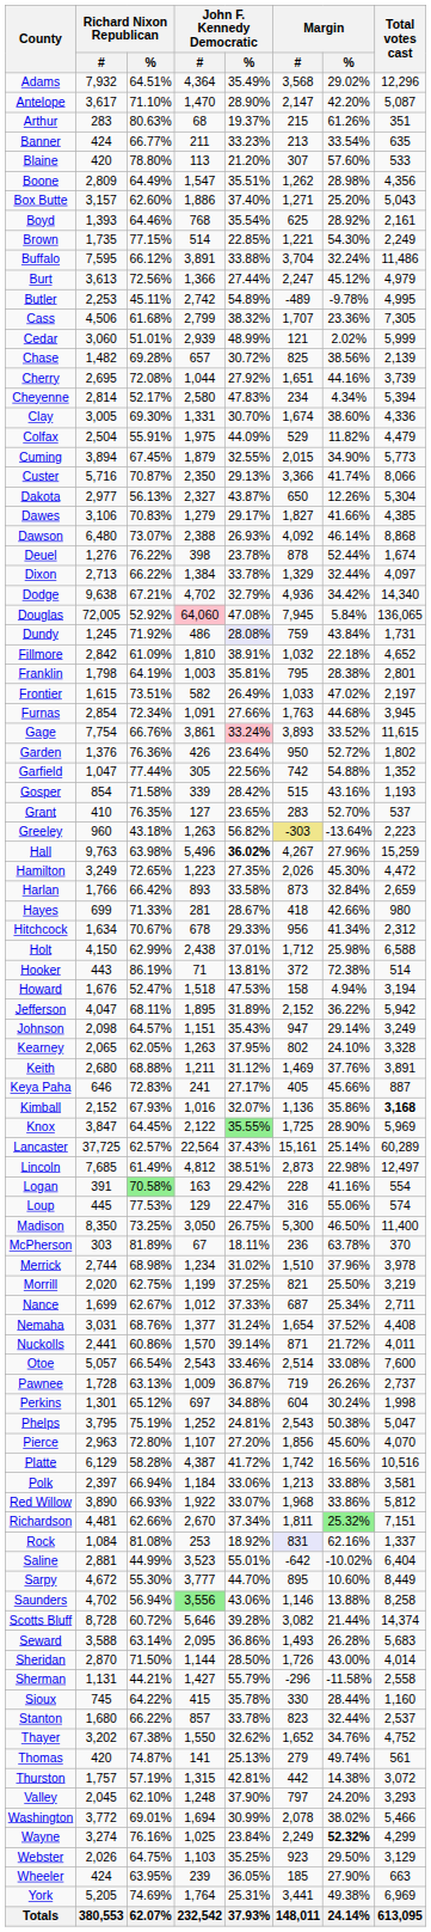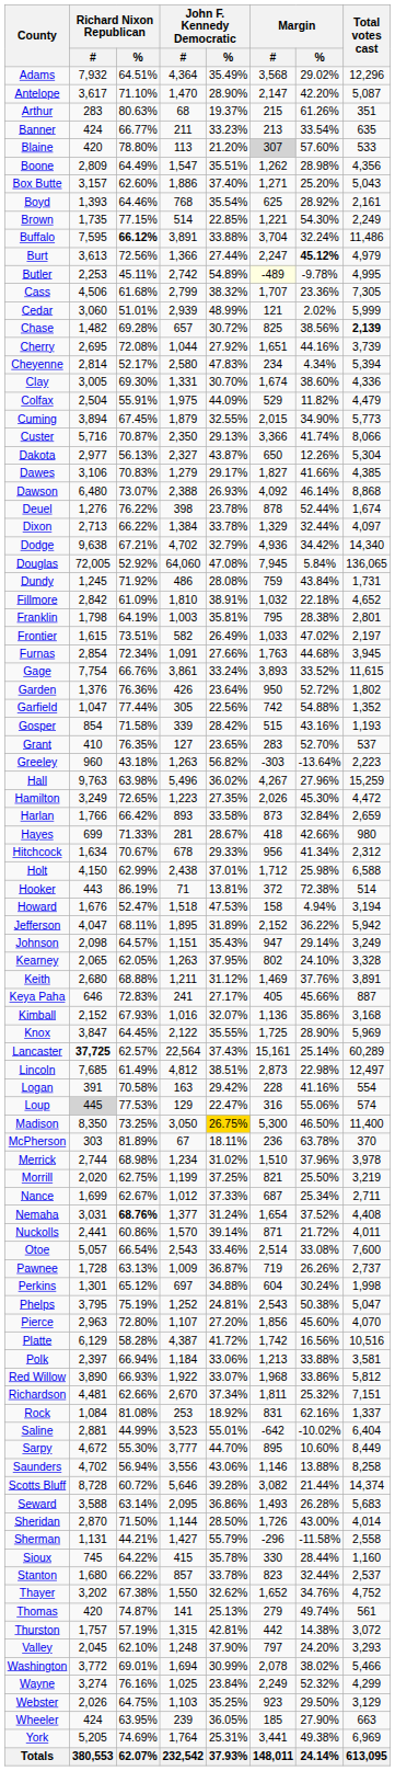 <table class="wikitable sortable" width="60%">
 <tr>
 <th rowspan="2">County</th>
 <th colspan="2">Richard Nixon<br>Republican</th>
 <th colspan="2">John F. Kennedy<br>Democratic</th>
 <th colspan="2">Margin</th>
 <th rowspan="2">Total votes cast</th>
 </tr>
 <tr>
 <th data-sort-type="number">#</th>
 <th data-sort-type="number">%</th>
 <th data-sort-type="number">#</th>
 <th data-sort-type="number">%</th>
 <th data-sort-type="number">#</th>
 <th data-sort-type="number">%</th>
 </tr>
 <tr style="text-align:center;">
 <td><a href='#'>Adams</a></td>
 <td>7,932</td>
 <td>64.51%</td>
 <td>4,364</td>
 <td>35.49%</td>
 <td>3,568</td>
 <td>29.02%</td>
 <td>12,296</td>
 </tr>
 <tr style="text-align:center;">
 <td><a href='#'>Antelope</a></td>
 <td>3,617</td>
 <td>71.10%</td>
 <td>1,470</td>
 <td>28.90%</td>
 <td>2,147</td>
 <td>42.20%</td>
 <td>5,087</td>
 </tr>
 <tr style="text-align:center;">
 <td><a href='#'>Arthur</a></td>
 <td>283</td>
 <td>80.63%</td>
 <td>68</td>
 <td>19.37%</td>
 <td>215</td>
 <td>61.26%</td>
 <td>351</td>
 </tr>
 <tr style="text-align:center;">
 <td><a href='#'>Banner</a></td>
 <td>424</td>
 <td>66.77%</td>
 <td>211</td>
 <td>33.23%</td>
 <td>213</td>
 <td>33.54%</td>
 <td>635</td>
 </tr>
 <tr style="text-align:center;">
 <td><a href='#'>Blaine</a></td>
 <td>420</td>
 <td>78.80%</td>
 <td>113</td>
 <td>21.20%</td>
-<td>307</td>
+<td style="background: lightgrey;">307</td>
 <td>57.60%</td>
 <td>533</td>
 </tr>
 <tr style="text-align:center;">
 <td><a href='#'>Boone</a></td>
 <td>2,809</td>
 <td>64.49%</td>
 <td>1,547</td>
 <td>35.51%</td>
 <td>1,262</td>
 <td>28.98%</td>
 <td>4,356</td>
 </tr>
 <tr style="text-align:center;">
 <td><a href='#'>Box Butte</a></td>
 <td>3,157</td>
 <td>62.60%</td>
 <td>1,886</td>
 <td>37.40%</td>
 <td>1,271</td>
 <td>25.20%</td>
 <td>5,043</td>
 </tr>
 <tr style="text-align:center;">
 <td><a href='#'>Boyd</a></td>
 <td>1,393</td>
 <td>64.46%</td>
 <td>768</td>
 <td>35.54%</td>
 <td>625</td>
 <td>28.92%</td>
 <td>2,161</td>
 </tr>
 <tr style="text-align:center;">
 <td><a href='#'>Brown</a></td>
 <td>1,735</td>
 <td>77.15%</td>
 <td>514</td>
 <td>22.85%</td>
 <td>1,221</td>
 <td>54.30%</td>
 <td>2,249</td>
 </tr>
 <tr style="text-align:center;">
 <td><a href='#'>Buffalo</a></td>
 <td>7,595</td>
-<td>66.12%</td>
+<td><strong>66.12%</strong></td>
 <td>3,891</td>
 <td>33.88%</td>
 <td>3,704</td>
 <td>32.24%</td>
 <td>11,486</td>
 </tr>
 <tr style="text-align:center;">
 <td><a href='#'>Burt</a></td>
 <td>3,613</td>
 <td>72.56%</td>
 <td>1,366</td>
 <td>27.44%</td>
 <td>2,247</td>
-<td>45.12%</td>
+<td><strong>45.12%</strong></td>
 <td>4,979</td>
 </tr>
 <tr style="text-align:center;">
 <td><a href='#'>Butler</a></td>
 <td>2,253</td>
 <td>45.11%</td>
 <td>2,742</td>
 <td>54.89%</td>
-<td>-489</td>
+<td style="background: lightyellow;">-489</td>
 <td>-9.78%</td>
 <td>4,995</td>
 </tr>
 <tr style="text-align:center;">
 <td><a href='#'>Cass</a></td>
 <td>4,506</td>
 <td>61.68%</td>
 <td>2,799</td>
 <td>38.32%</td>
 <td>1,707</td>
 <td>23.36%</td>
 <td>7,305</td>
 </tr>
 <tr style="text-align:center;">
 <td><a href='#'>Cedar</a></td>
 <td>3,060</td>
 <td>51.01%</td>
 <td>2,939</td>
 <td>48.99%</td>
 <td>121</td>
 <td>2.02%</td>
 <td>5,999</td>
 </tr>
 <tr style="text-align:center;">
 <td><a href='#'>Chase</a></td>
 <td>1,482</td>
 <td>69.28%</td>
 <td>657</td>
 <td>30.72%</td>
 <td>825</td>
 <td>38.56%</td>
-<td>2,139</td>
+<td><strong>2,139</strong></td>
 </tr>
 <tr style="text-align:center;">
 <td><a href='#'>Cherry</a></td>
 <td>2,695</td>
 <td>72.08%</td>
 <td>1,044</td>
 <td>27.92%</td>
 <td>1,651</td>
 <td>44.16%</td>
 <td>3,739</td>
 </tr>
 <tr style="text-align:center;">
 <td><a href='#'>Cheyenne</a></td>
 <td>2,814</td>
 <td>52.17%</td>
 <td>2,580</td>
 <td>47.83%</td>
 <td>234</td>
 <td>4.34%</td>
 <td>5,394</td>
 </tr>
 <tr style="text-align:center;">
 <td><a href='#'>Clay</a></td>
 <td>3,005</td>
 <td>69.30%</td>
 <td>1,331</td>
 <td>30.70%</td>
 <td>1,674</td>
 <td>38.60%</td>
 <td>4,336</td>
 </tr>
 <tr style="text-align:center;">
 <td><a href='#'>Colfax</a></td>
 <td>2,504</td>
 <td>55.91%</td>
 <td>1,975</td>
 <td>44.09%</td>
 <td>529</td>
 <td>11.82%</td>
 <td>4,479</td>
 </tr>
 <tr style="text-align:center;">
 <td><a href='#'>Cuming</a></td>
 <td>3,894</td>
 <td>67.45%</td>
 <td>1,879</td>
 <td>32.55%</td>
 <td>2,015</td>
 <td>34.90%</td>
 <td>5,773</td>
 </tr>
 <tr style="text-align:center;">
 <td><a href='#'>Custer</a></td>
 <td>5,716</td>
 <td>70.87%</td>
 <td>2,350</td>
 <td>29.13%</td>
 <td>3,366</td>
 <td>41.74%</td>
 <td>8,066</td>
 </tr>
 <tr style="text-align:center;">
 <td><a href='#'>Dakota</a></td>
 <td>2,977</td>
 <td>56.13%</td>
 <td>2,327</td>
 <td>43.87%</td>
 <td>650</td>
 <td>12.26%</td>
 <td>5,304</td>
 </tr>
 <tr style="text-align:center;">
 <td><a href='#'>Dawes</a></td>
 <td>3,106</td>
 <td>70.83%</td>
 <td>1,279</td>
 <td>29.17%</td>
 <td>1,827</td>
 <td>41.66%</td>
 <td>4,385</td>
 </tr>
 <tr style="text-align:center;">
 <td><a href='#'>Dawson</a></td>
 <td>6,480</td>
 <td>73.07%</td>
 <td>2,388</td>
 <td>26.93%</td>
 <td>4,092</td>
 <td>46.14%</td>
 <td>8,868</td>
 </tr>
 <tr style="text-align:center;">
 <td><a href='#'>Deuel</a></td>
 <td>1,276</td>
 <td>76.22%</td>
 <td>398</td>
 <td>23.78%</td>
 <td>878</td>
 <td>52.44%</td>
 <td>1,674</td>
 </tr>
 <tr style="text-align:center;">
 <td><a href='#'>Dixon</a></td>
 <td>2,713</td>
 <td>66.22%</td>
 <td>1,384</td>
 <td>33.78%</td>
 <td>1,329</td>
 <td>32.44%</td>
 <td>4,097</td>
 </tr>
 <tr style="text-align:center;">
 <td><a href='#'>Dodge</a></td>
 <td>9,638</td>
 <td>67.21%</td>
 <td>4,702</td>
 <td>32.79%</td>
 <td>4,936</td>
 <td>34.42%</td>
 <td>14,340</td>
 </tr>
 <tr style="text-align:center;">
 <td><a href='#'>Douglas</a></td>
 <td>72,005</td>
 <td>52.92%</td>
-<td style="background: pink;">64,060</td>
+<td>64,060</td>
 <td>47.08%</td>
 <td>7,945</td>
 <td>5.84%</td>
 <td>136,065</td>
 </tr>
 <tr style="text-align:center;">
 <td><a href='#'>Dundy</a></td>
 <td>1,245</td>
 <td>71.92%</td>
 <td>486</td>
-<td style="background: lavender;">28.08%</td>
+<td>28.08%</td>
 <td>759</td>
 <td>43.84%</td>
 <td>1,731</td>
 </tr>
 <tr style="text-align:center;">
 <td><a href='#'>Fillmore</a></td>
 <td>2,842</td>
 <td>61.09%</td>
 <td>1,810</td>
 <td>38.91%</td>
 <td>1,032</td>
 <td>22.18%</td>
 <td>4,652</td>
 </tr>
 <tr style="text-align:center;">
 <td><a href='#'>Franklin</a></td>
 <td>1,798</td>
 <td>64.19%</td>
 <td>1,003</td>
 <td>35.81%</td>
 <td>795</td>
 <td>28.38%</td>
 <td>2,801</td>
 </tr>
 <tr style="text-align:center;">
 <td><a href='#'>Frontier</a></td>
 <td>1,615</td>
 <td>73.51%</td>
 <td>582</td>
 <td>26.49%</td>
 <td>1,033</td>
 <td>47.02%</td>
 <td>2,197</td>
 </tr>
 <tr style="text-align:center;">
 <td><a href='#'>Furnas</a></td>
 <td>2,854</td>
 <td>72.34%</td>
 <td>1,091</td>
 <td>27.66%</td>
 <td>1,763</td>
 <td>44.68%</td>
 <td>3,945</td>
 </tr>
 <tr style="text-align:center;">
 <td><a href='#'>Gage</a></td>
 <td>7,754</td>
 <td>66.76%</td>
 <td>3,861</td>
-<td style="background: pink;">33.24%</td>
+<td>33.24%</td>
 <td>3,893</td>
 <td>33.52%</td>
 <td>11,615</td>
 </tr>
 <tr style="text-align:center;">
 <td><a href='#'>Garden</a></td>
 <td>1,376</td>
 <td>76.36%</td>
 <td>426</td>
 <td>23.64%</td>
 <td>950</td>
 <td>52.72%</td>
 <td>1,802</td>
 </tr>
 <tr style="text-align:center;">
 <td><a href='#'>Garfield</a></td>
 <td>1,047</td>
 <td>77.44%</td>
 <td>305</td>
 <td>22.56%</td>
 <td>742</td>
 <td>54.88%</td>
 <td>1,352</td>
 </tr>
 <tr style="text-align:center;">
 <td><a href='#'>Gosper</a></td>
 <td>854</td>
 <td>71.58%</td>
 <td>339</td>
 <td>28.42%</td>
 <td>515</td>
 <td>43.16%</td>
 <td>1,193</td>
 </tr>
 <tr style="text-align:center;">
 <td><a href='#'>Grant</a></td>
 <td>410</td>
 <td>76.35%</td>
 <td>127</td>
 <td>23.65%</td>
 <td>283</td>
 <td>52.70%</td>
 <td>537</td>
 </tr>
 <tr style="text-align:center;">
 <td><a href='#'>Greeley</a></td>
 <td>960</td>
 <td>43.18%</td>
 <td>1,263</td>
 <td>56.82%</td>
-<td style="background: khaki;">-303</td>
+<td>-303</td>
 <td>-13.64%</td>
 <td>2,223</td>
 </tr>
 <tr style="text-align:center;">
 <td><a href='#'>Hall</a></td>
 <td>9,763</td>
 <td>63.98%</td>
 <td>5,496</td>
-<td><strong>36.02%</strong></td>
+<td>36.02%</td>
 <td>4,267</td>
 <td>27.96%</td>
 <td>15,259</td>
 </tr>
 <tr style="text-align:center;">
 <td><a href='#'>Hamilton</a></td>
 <td>3,249</td>
 <td>72.65%</td>
 <td>1,223</td>
 <td>27.35%</td>
 <td>2,026</td>
 <td>45.30%</td>
 <td>4,472</td>
 </tr>
 <tr style="text-align:center;">
 <td><a href='#'>Harlan</a></td>
 <td>1,766</td>
 <td>66.42%</td>
 <td>893</td>
 <td>33.58%</td>
 <td>873</td>
 <td>32.84%</td>
 <td>2,659</td>
 </tr>
 <tr style="text-align:center;">
 <td><a href='#'>Hayes</a></td>
 <td>699</td>
 <td>71.33%</td>
 <td>281</td>
 <td>28.67%</td>
 <td>418</td>
 <td>42.66%</td>
 <td>980</td>
 </tr>
 <tr style="text-align:center;">
 <td><a href='#'>Hitchcock</a></td>
 <td>1,634</td>
 <td>70.67%</td>
 <td>678</td>
 <td>29.33%</td>
 <td>956</td>
 <td>41.34%</td>
 <td>2,312</td>
 </tr>
 <tr style="text-align:center;">
 <td><a href='#'>Holt</a></td>
 <td>4,150</td>
 <td>62.99%</td>
 <td>2,438</td>
 <td>37.01%</td>
 <td>1,712</td>
 <td>25.98%</td>
 <td>6,588</td>
 </tr>
 <tr style="text-align:center;">
 <td><a href='#'>Hooker</a></td>
 <td>443</td>
 <td>86.19%</td>
 <td>71</td>
 <td>13.81%</td>
 <td>372</td>
 <td>72.38%</td>
 <td>514</td>
 </tr>
 <tr style="text-align:center;">
 <td><a href='#'>Howard</a></td>
 <td>1,676</td>
 <td>52.47%</td>
 <td>1,518</td>
 <td>47.53%</td>
 <td>158</td>
 <td>4.94%</td>
 <td>3,194</td>
 </tr>
 <tr style="text-align:center;">
 <td><a href='#'>Jefferson</a></td>
 <td>4,047</td>
 <td>68.11%</td>
 <td>1,895</td>
 <td>31.89%</td>
 <td>2,152</td>
 <td>36.22%</td>
 <td>5,942</td>
 </tr>
 <tr style="text-align:center;">
 <td><a href='#'>Johnson</a></td>
 <td>2,098</td>
 <td>64.57%</td>
 <td>1,151</td>
 <td>35.43%</td>
 <td>947</td>
 <td>29.14%</td>
 <td>3,249</td>
 </tr>
 <tr style="text-align:center;">
 <td><a href='#'>Kearney</a></td>
 <td>2,065</td>
 <td>62.05%</td>
 <td>1,263</td>
 <td>37.95%</td>
 <td>802</td>
 <td>24.10%</td>
 <td>3,328</td>
 </tr>
 <tr style="text-align:center;">
 <td><a href='#'>Keith</a></td>
 <td>2,680</td>
 <td>68.88%</td>
 <td>1,211</td>
 <td>31.12%</td>
 <td>1,469</td>
 <td>37.76%</td>
 <td>3,891</td>
 </tr>
 <tr style="text-align:center;">
 <td><a href='#'>Keya Paha</a></td>
 <td>646</td>
 <td>72.83%</td>
 <td>241</td>
 <td>27.17%</td>
 <td>405</td>
 <td>45.66%</td>
 <td>887</td>
 </tr>
 <tr style="text-align:center;">
 <td><a href='#'>Kimball</a></td>
 <td>2,152</td>
 <td>67.93%</td>
 <td>1,016</td>
 <td>32.07%</td>
 <td>1,136</td>
 <td>35.86%</td>
-<td><strong>3,168</strong></td>
+<td>3,168</td>
 </tr>
 <tr style="text-align:center;">
 <td><a href='#'>Knox</a></td>
 <td>3,847</td>
 <td>64.45%</td>
 <td>2,122</td>
-<td style="background: lightgreen;">35.55%</td>
+<td>35.55%</td>
 <td>1,725</td>
 <td>28.90%</td>
 <td>5,969</td>
 </tr>
 <tr style="text-align:center;">
 <td><a href='#'>Lancaster</a></td>
-<td>37,725</td>
+<td><strong>37,725</strong></td>
 <td>62.57%</td>
 <td>22,564</td>
 <td>37.43%</td>
 <td>15,161</td>
 <td>25.14%</td>
 <td>60,289</td>
 </tr>
 <tr style="text-align:center;">
 <td><a href='#'>Lincoln</a></td>
 <td>7,685</td>
 <td>61.49%</td>
 <td>4,812</td>
 <td>38.51%</td>
 <td>2,873</td>
 <td>22.98%</td>
 <td>12,497</td>
 </tr>
 <tr style="text-align:center;">
 <td><a href='#'>Logan</a></td>
 <td>391</td>
-<td style="background: lightgreen;">70.58%</td>
+<td>70.58%</td>
 <td>163</td>
 <td>29.42%</td>
 <td>228</td>
 <td>41.16%</td>
 <td>554</td>
 </tr>
 <tr style="text-align:center;">
 <td><a href='#'>Loup</a></td>
-<td>445</td>
+<td style="background: lightgrey;">445</td>
 <td>77.53%</td>
 <td>129</td>
 <td>22.47%</td>
 <td>316</td>
 <td>55.06%</td>
 <td>574</td>
 </tr>
 <tr style="text-align:center;">
 <td><a href='#'>Madison</a></td>
 <td>8,350</td>
 <td>73.25%</td>
 <td>3,050</td>
-<td>26.75%</td>
+<td style="background: gold;">26.75%</td>
 <td>5,300</td>
 <td>46.50%</td>
 <td>11,400</td>
 </tr>
 <tr style="text-align:center;">
 <td><a href='#'>McPherson</a></td>
 <td>303</td>
 <td>81.89%</td>
 <td>67</td>
 <td>18.11%</td>
 <td>236</td>
 <td>63.78%</td>
 <td>370</td>
 </tr>
 <tr style="text-align:center;">
 <td><a href='#'>Merrick</a></td>
 <td>2,744</td>
 <td>68.98%</td>
 <td>1,234</td>
 <td>31.02%</td>
 <td>1,510</td>
 <td>37.96%</td>
 <td>3,978</td>
 </tr>
 <tr style="text-align:center;">
 <td><a href='#'>Morrill</a></td>
 <td>2,020</td>
 <td>62.75%</td>
 <td>1,199</td>
 <td>37.25%</td>
 <td>821</td>
 <td>25.50%</td>
 <td>3,219</td>
 </tr>
 <tr style="text-align:center;">
 <td><a href='#'>Nance</a></td>
 <td>1,699</td>
 <td>62.67%</td>
 <td>1,012</td>
 <td>37.33%</td>
 <td>687</td>
 <td>25.34%</td>
 <td>2,711</td>
 </tr>
 <tr style="text-align:center;">
 <td><a href='#'>Nemaha</a></td>
 <td>3,031</td>
-<td>68.76%</td>
+<td><strong>68.76%</strong></td>
 <td>1,377</td>
 <td>31.24%</td>
 <td>1,654</td>
 <td>37.52%</td>
 <td>4,408</td>
 </tr>
 <tr style="text-align:center;">
 <td><a href='#'>Nuckolls</a></td>
 <td>2,441</td>
 <td>60.86%</td>
 <td>1,570</td>
 <td>39.14%</td>
 <td>871</td>
 <td>21.72%</td>
 <td>4,011</td>
 </tr>
 <tr style="text-align:center;">
 <td><a href='#'>Otoe</a></td>
 <td>5,057</td>
 <td>66.54%</td>
 <td>2,543</td>
 <td>33.46%</td>
 <td>2,514</td>
 <td>33.08%</td>
 <td>7,600</td>
 </tr>
 <tr style="text-align:center;">
 <td><a href='#'>Pawnee</a></td>
 <td>1,728</td>
 <td>63.13%</td>
 <td>1,009</td>
 <td>36.87%</td>
 <td>719</td>
 <td>26.26%</td>
 <td>2,737</td>
 </tr>
 <tr style="text-align:center;">
 <td><a href='#'>Perkins</a></td>
 <td>1,301</td>
 <td>65.12%</td>
 <td>697</td>
 <td>34.88%</td>
 <td>604</td>
 <td>30.24%</td>
 <td>1,998</td>
 </tr>
 <tr style="text-align:center;">
 <td><a href='#'>Phelps</a></td>
 <td>3,795</td>
 <td>75.19%</td>
 <td>1,252</td>
 <td>24.81%</td>
 <td>2,543</td>
 <td>50.38%</td>
 <td>5,047</td>
 </tr>
 <tr style="text-align:center;">
 <td><a href='#'>Pierce</a></td>
 <td>2,963</td>
 <td>72.80%</td>
 <td>1,107</td>
 <td>27.20%</td>
 <td>1,856</td>
 <td>45.60%</td>
 <td>4,070</td>
 </tr>
 <tr style="text-align:center;">
 <td><a href='#'>Platte</a></td>
 <td>6,129</td>
 <td>58.28%</td>
 <td>4,387</td>
 <td>41.72%</td>
 <td>1,742</td>
 <td>16.56%</td>
 <td>10,516</td>
 </tr>
 <tr style="text-align:center;">
 <td><a href='#'>Polk</a></td>
 <td>2,397</td>
 <td>66.94%</td>
 <td>1,184</td>
 <td>33.06%</td>
 <td>1,213</td>
 <td>33.88%</td>
 <td>3,581</td>
 </tr>
 <tr style="text-align:center;">
 <td><a href='#'>Red Willow</a></td>
 <td>3,890</td>
 <td>66.93%</td>
 <td>1,922</td>
 <td>33.07%</td>
 <td>1,968</td>
 <td>33.86%</td>
 <td>5,812</td>
 </tr>
 <tr style="text-align:center;">
 <td><a href='#'>Richardson</a></td>
 <td>4,481</td>
 <td>62.66%</td>
 <td>2,670</td>
 <td>37.34%</td>
 <td>1,811</td>
-<td style="background: lightgreen;">25.32%</td>
+<td>25.32%</td>
 <td>7,151</td>
 </tr>
 <tr style="text-align:center;">
 <td><a href='#'>Rock</a></td>
 <td>1,084</td>
 <td>81.08%</td>
 <td>253</td>
 <td>18.92%</td>
-<td style="background: lavender;">831</td>
+<td>831</td>
 <td>62.16%</td>
 <td>1,337</td>
 </tr>
 <tr style="text-align:center;">
 <td><a href='#'>Saline</a></td>
 <td>2,881</td>
 <td>44.99%</td>
 <td>3,523</td>
 <td>55.01%</td>
 <td>-642</td>
 <td>-10.02%</td>
 <td>6,404</td>
 </tr>
 <tr style="text-align:center;">
 <td><a href='#'>Sarpy</a></td>
 <td>4,672</td>
 <td>55.30%</td>
 <td>3,777</td>
 <td>44.70%</td>
 <td>895</td>
 <td>10.60%</td>
 <td>8,449</td>
 </tr>
 <tr style="text-align:center;">
 <td><a href='#'>Saunders</a></td>
 <td>4,702</td>
 <td>56.94%</td>
-<td style="background: lightgreen;">3,556</td>
+<td>3,556</td>
 <td>43.06%</td>
 <td>1,146</td>
 <td>13.88%</td>
 <td>8,258</td>
 </tr>
 <tr style="text-align:center;">
 <td><a href='#'>Scotts Bluff</a></td>
 <td>8,728</td>
 <td>60.72%</td>
 <td>5,646</td>
 <td>39.28%</td>
 <td>3,082</td>
 <td>21.44%</td>
 <td>14,374</td>
 </tr>
 <tr style="text-align:center;">
 <td><a href='#'>Seward</a></td>
 <td>3,588</td>
 <td>63.14%</td>
 <td>2,095</td>
 <td>36.86%</td>
 <td>1,493</td>
 <td>26.28%</td>
 <td>5,683</td>
 </tr>
 <tr style="text-align:center;">
 <td><a href='#'>Sheridan</a></td>
 <td>2,870</td>
 <td>71.50%</td>
 <td>1,144</td>
 <td>28.50%</td>
 <td>1,726</td>
 <td>43.00%</td>
 <td>4,014</td>
 </tr>
 <tr style="text-align:center;">
 <td><a href='#'>Sherman</a></td>
 <td>1,131</td>
 <td>44.21%</td>
 <td>1,427</td>
 <td>55.79%</td>
 <td>-296</td>
 <td>-11.58%</td>
 <td>2,558</td>
 </tr>
 <tr style="text-align:center;">
 <td><a href='#'>Sioux</a></td>
 <td>745</td>
 <td>64.22%</td>
 <td>415</td>
 <td>35.78%</td>
 <td>330</td>
 <td>28.44%</td>
 <td>1,160</td>
 </tr>
 <tr style="text-align:center;">
 <td><a href='#'>Stanton</a></td>
 <td>1,680</td>
 <td>66.22%</td>
 <td>857</td>
 <td>33.78%</td>
 <td>823</td>
 <td>32.44%</td>
 <td>2,537</td>
 </tr>
 <tr style="text-align:center;">
 <td><a href='#'>Thayer</a></td>
 <td>3,202</td>
 <td>67.38%</td>
 <td>1,550</td>
 <td>32.62%</td>
 <td>1,652</td>
 <td>34.76%</td>
 <td>4,752</td>
 </tr>
 <tr style="text-align:center;">
 <td><a href='#'>Thomas</a></td>
 <td>420</td>
 <td>74.87%</td>
 <td>141</td>
 <td>25.13%</td>
 <td>279</td>
 <td>49.74%</td>
 <td>561</td>
 </tr>
 <tr style="text-align:center;">
 <td><a href='#'>Thurston</a></td>
 <td>1,757</td>
 <td>57.19%</td>
 <td>1,315</td>
 <td>42.81%</td>
 <td>442</td>
 <td>14.38%</td>
 <td>3,072</td>
 </tr>
 <tr style="text-align:center;">
 <td><a href='#'>Valley</a></td>
 <td>2,045</td>
 <td>62.10%</td>
 <td>1,248</td>
 <td>37.90%</td>
 <td>797</td>
 <td>24.20%</td>
 <td>3,293</td>
 </tr>
 <tr style="text-align:center;">
 <td><a href='#'>Washington</a></td>
 <td>3,772</td>
 <td>69.01%</td>
 <td>1,694</td>
 <td>30.99%</td>
 <td>2,078</td>
 <td>38.02%</td>
 <td>5,466</td>
 </tr>
 <tr style="text-align:center;">
 <td><a href='#'>Wayne</a></td>
 <td>3,274</td>
 <td>76.16%</td>
 <td>1,025</td>
 <td>23.84%</td>
 <td>2,249</td>
-<td><strong>52.32%</strong></td>
+<td>52.32%</td>
 <td>4,299</td>
 </tr>
 <tr style="text-align:center;">
 <td><a href='#'>Webster</a></td>
 <td>2,026</td>
 <td>64.75%</td>
 <td>1,103</td>
 <td>35.25%</td>
 <td>923</td>
 <td>29.50%</td>
 <td>3,129</td>
 </tr>
 <tr style="text-align:center;">
 <td><a href='#'>Wheeler</a></td>
 <td>424</td>
 <td>63.95%</td>
 <td>239</td>
 <td>36.05%</td>
 <td>185</td>
 <td>27.90%</td>
 <td>663</td>
 </tr>
 <tr style="text-align:center;">
 <td><a href='#'>York</a></td>
 <td>5,205</td>
 <td>74.69%</td>
 <td>1,764</td>
 <td>25.31%</td>
 <td>3,441</td>
 <td>49.38%</td>
 <td>6,969</td>
 </tr>
 <tr style="text-align:center;">
 <th>Totals</th>
 <th>380,553</th>
 <th>62.07%</th>
 <th>232,542</th>
 <th>37.93%</th>
 <th>148,011</th>
 <th>24.14%</th>
 <th>613,095</th>
 </tr>
 </table>
